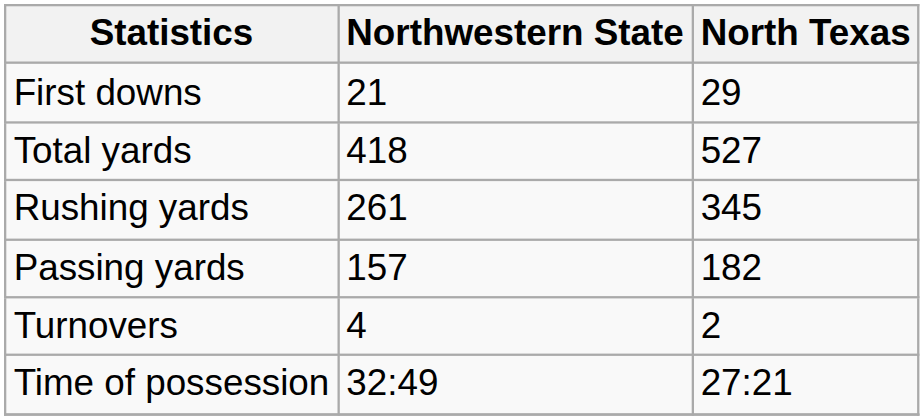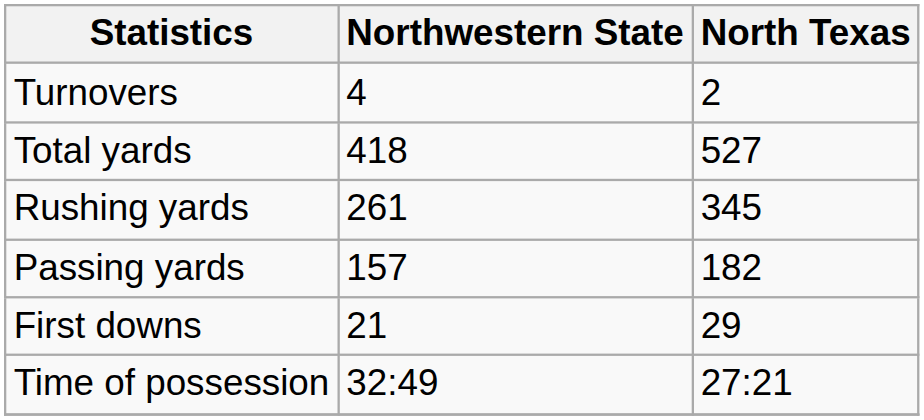 <table class="wikitable">
 <tr>
 <th>Statistics</th>
 <th>Northwestern State</th>
 <th>North Texas</th>
 </tr>
 <tr>
-<td>First downs</td>
-<td>21</td>
-<td>29</td>
+<td>Turnovers</td>
+<td>4</td>
+<td>2</td>
 </tr>
 <tr>
 <td>Total yards</td>
 <td>418</td>
 <td>527</td>
 </tr>
 <tr>
 <td>Rushing yards</td>
 <td>261</td>
 <td>345</td>
 </tr>
 <tr>
 <td>Passing yards</td>
 <td>157</td>
 <td>182</td>
 </tr>
 <tr>
-<td>Turnovers</td>
-<td>4</td>
-<td>2</td>
+<td>First downs</td>
+<td>21</td>
+<td>29</td>
 </tr>
 <tr>
 <td>Time of possession</td>
 <td>32:49</td>
 <td>27:21</td>
 </tr>
 <tr>
 </tr>
 </table>
